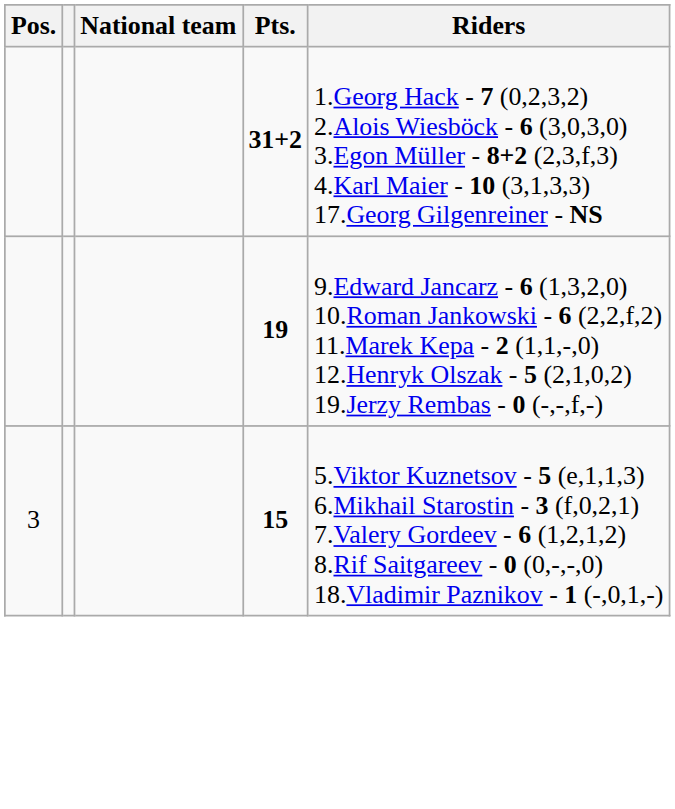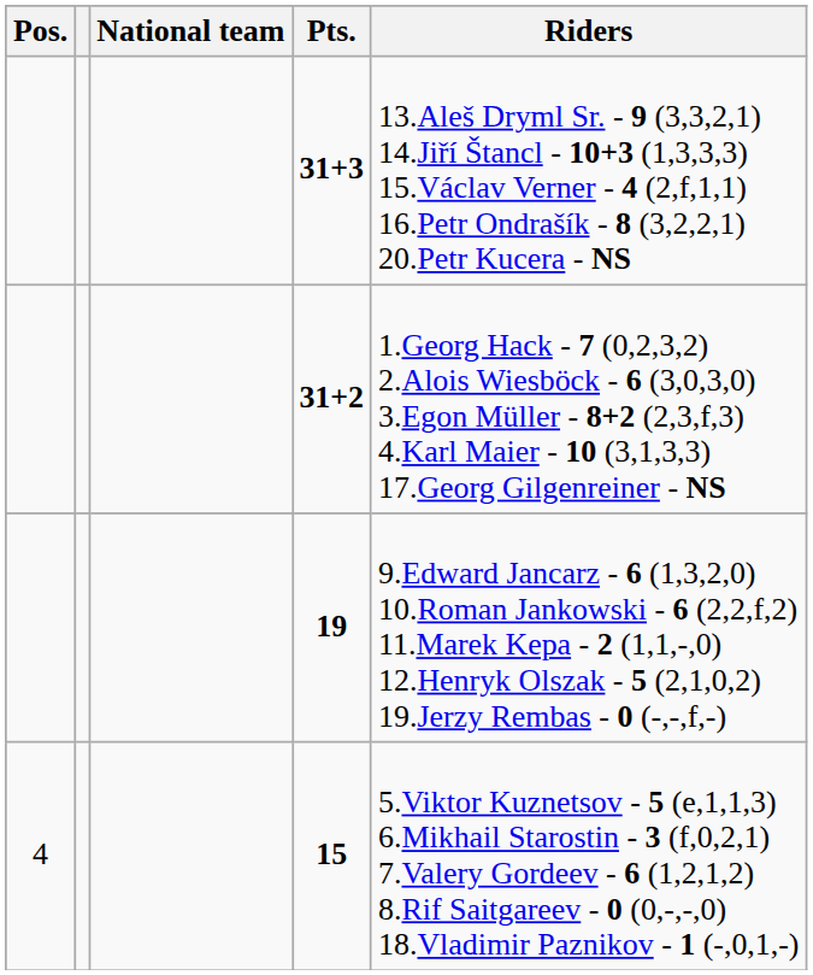 <table class=wikitable style="font-size:93%;">
 <tr>
 <th>Pos.</th>
 <th></th>
 <th>National team</th>
 <th>Pts.</th>
 <th>Riders</th>
+</tr>
+<tr align=center >
+<td></td>
+<td></td>
+<td align=left></td>
+<td><strong>31+3</strong></td>
+<td align=left><br>13.<a href='#'>Aleš Dryml Sr.</a> - <strong>9</strong> (3,3,2,1) <br> 14.<a href='#'>Jiří Štancl</a> - <strong>10+3</strong> (1,3,3,3) <br> 15.<a href='#'>Václav Verner</a> - <strong>4</strong> (2,f,1,1) <br> 16.<a href='#'>Petr Ondrašík</a> - <strong>8</strong> (3,2,2,1) <br> 20.<a href='#'>Petr Kucera</a> - <strong>NS</strong> <br></td>
 </tr>
 <tr align=center >
 <td></td>
 <td></td>
 <td align=left></td>
 <td><strong>31+2</strong></td>
 <td align=left><br>1.<a href='#'>Georg Hack</a> - <strong>7</strong> (0,2,3,2) <br> 2.<a href='#'>Alois Wiesböck</a> - <strong>6</strong> (3,0,3,0) <br> 3.<a href='#'>Egon Müller</a> - <strong>8+2</strong> (2,3,f,3) <br> 4.<a href='#'>Karl Maier</a> - <strong>10</strong> (3,1,3,3) <br> 17.<a href='#'>Georg Gilgenreiner</a> - <strong>NS</strong></td>
 </tr>
 <tr align=center >
 <td></td>
 <td></td>
 <td align=left></td>
 <td><strong>19</strong></td>
 <td align=left><br>9.<a href='#'>Edward Jancarz</a> - <strong>6</strong> (1,3,2,0)<br> 10.<a href='#'>Roman Jankowski</a> - <strong>6</strong> (2,2,f,2) <br> 11.<a href='#'>Marek Kepa</a> - <strong>2</strong> (1,1,-,0) <br> 12.<a href='#'>Henryk Olszak</a> - <strong>5</strong> (2,1,0,2) <br> 19.<a href='#'>Jerzy Rembas</a> - <strong>0</strong> (-,-,f,-)</td>
 </tr>
 <tr align=center>
-<td>3</td>
+<td>4</td>
 <td></td>
 <td align=left></td>
 <td><strong>15</strong></td>
 <td align=left><br>5.<a href='#'>Viktor Kuznetsov</a> - <strong>5</strong> (e,1,1,3) <br> 6.<a href='#'>Mikhail Starostin</a> - <strong>3</strong> (f,0,2,1) <br> 7.<a href='#'>Valery Gordeev</a> - <strong>6</strong> (1,2,1,2) <br> 8.<a href='#'>Rif Saitgareev</a> - <strong>0</strong> (0,-,-,0) <br> 18.<a href='#'>Vladimir Paznikov</a> - <strong>1</strong> (-,0,1,-) <br></td>
 </tr>
 </table>
